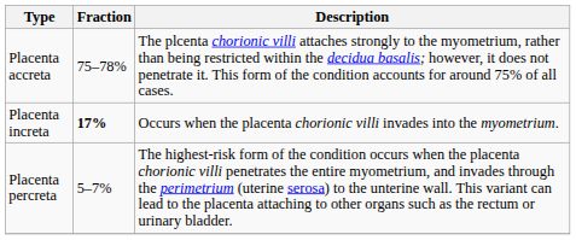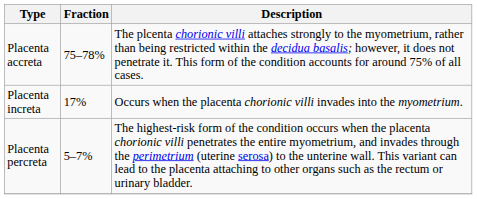 <table class="wikitable" border="1">
 <tr>
 <th>Type</th>
 <th>Fraction</th>
 <th>Description</th>
 </tr>
 <tr>
 <td>Placenta accreta</td>
 <td>75–78%</td>
 <td>The plcenta <em><a href='#'>chorionic villi</a></em> attaches strongly to the myometrium, rather than being restricted within the <em><a href='#'>decidua basalis</a>;</em> however, it does not penetrate it. This form of the condition accounts for around 75% of all cases.</td>
 </tr>
 <tr>
 <td>Placenta increta</td>
-<td><strong>17%</strong></td>
+<td>17%</td>
 <td>Occurs when the placenta <em>chorionic villi</em> invades into the <em>myometrium</em>.</td>
 </tr>
 <tr>
 <td>Placenta percreta</td>
 <td>5–7%</td>
 <td>The highest-risk form of the condition occurs when the placenta <em>chorionic villi</em> penetrates the entire myometrium, and invades through the <em><a href='#'>perimetrium</a></em> (uterine <a href='#'>serosa</a>) to the unterine wall.  This variant can lead to the placenta attaching to other organs such as the rectum or urinary bladder.</td>
 </tr>
 <tr>
 </tr>
 </table>
